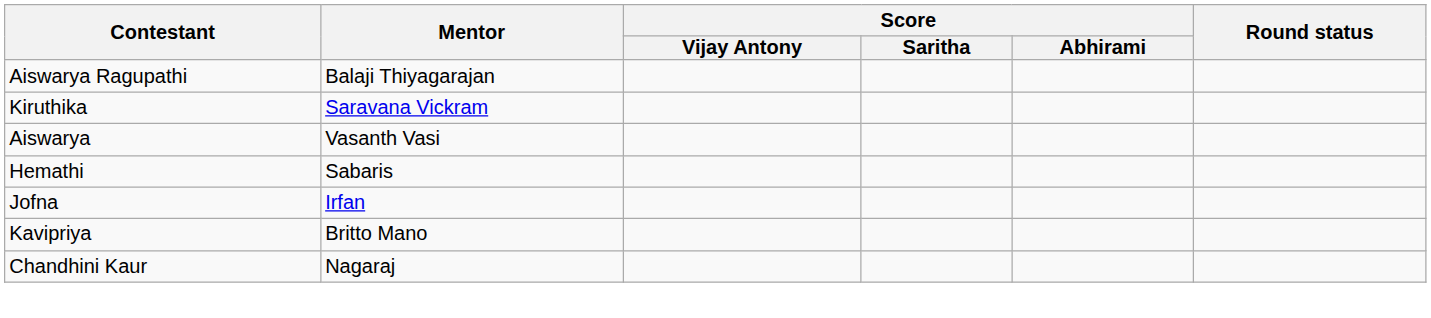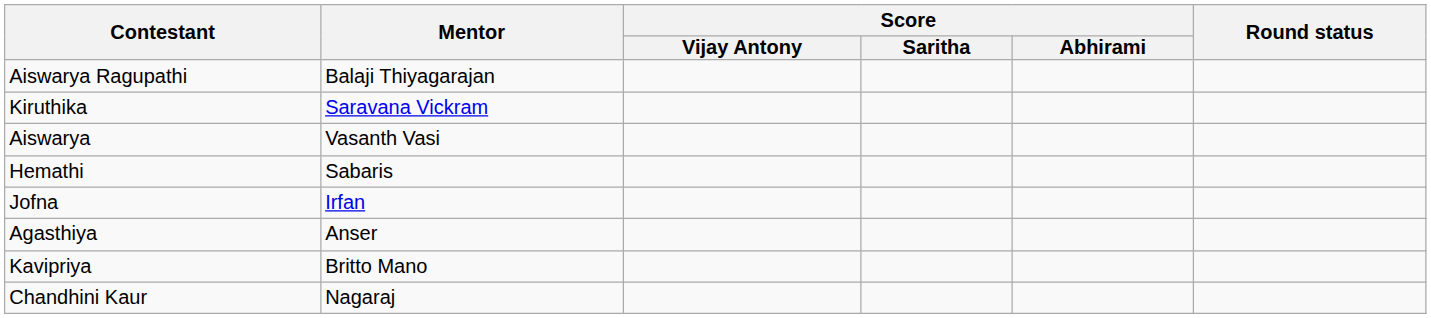 <table class="wikitable" style="align: center;" width="90%">
 <tr>
 <th rowspan="2">Contestant</th>
 <th rowspan="2">Mentor</th>
 <th colspan="3">Score</th>
 <th rowspan="2">Round status</th>
 </tr>
 <tr>
 <th style="padding: 0 8px">Vijay Antony</th>
 <th style="padding: 0 8px">Saritha</th>
 <th style="padding: 0 8px">Abhirami</th>
 </tr>
 <tr>
 <td>Aiswarya Ragupathi</td>
 <td>Balaji Thiyagarajan</td>
 <td></td>
 <td></td>
 <td></td>
 <td></td>
 </tr>
 <tr>
 <td>Kiruthika</td>
 <td><a href='#'>Saravana Vickram</a></td>
 <td></td>
 <td></td>
 <td></td>
 <td></td>
 </tr>
 <tr>
 <td>Aiswarya</td>
 <td>Vasanth Vasi</td>
 <td></td>
 <td></td>
 <td></td>
 <td></td>
 </tr>
 <tr>
 <td>Hemathi</td>
 <td>Sabaris</td>
 <td></td>
 <td></td>
 <td></td>
 <td></td>
 </tr>
 <tr>
 <td>Jofna</td>
 <td><a href='#'>Irfan</a></td>
 <td></td>
 <td></td>
 <td></td>
 <td></td>
 </tr>
 <tr>
+<td>Agasthiya</td>
+<td>Anser</td>
+<td></td>
+<td></td>
+<td></td>
+<td></td>
+</tr>
+<tr>
 <td>Kavipriya</td>
 <td>Britto Mano</td>
 <td></td>
 <td></td>
 <td></td>
 <td></td>
 </tr>
 <tr>
 <td>Chandhini Kaur</td>
 <td>Nagaraj</td>
 <td></td>
 <td></td>
 <td></td>
 <td></td>
 </tr>
 </table>
